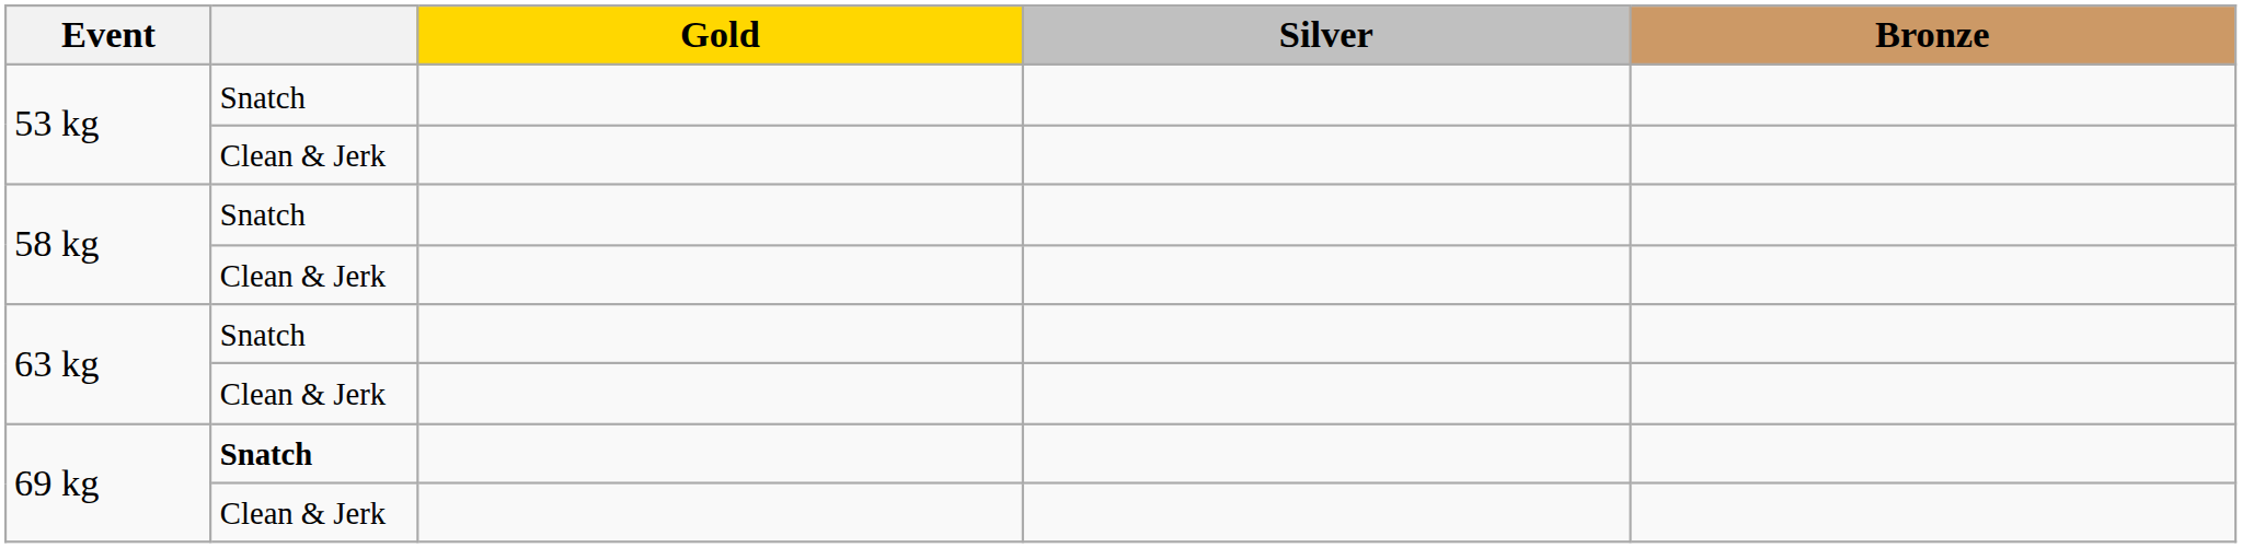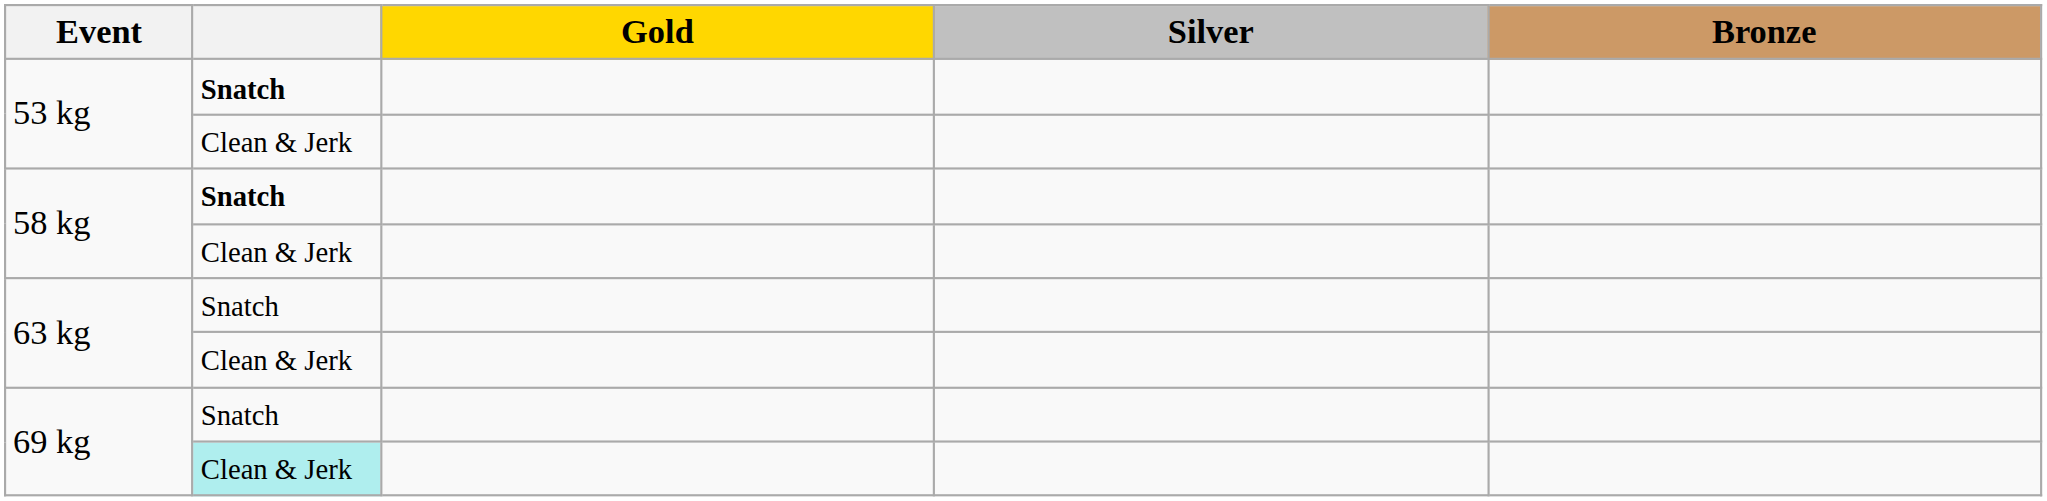 <table class="wikitable">
 <tr>
 <th width=80>Event</th>
 <th width=80></th>
 <td bgcolor=gold align="center" colspan=1 width=250><strong>Gold</strong></td>
 <td bgcolor=silver align="center" colspan=1 width=250><strong>Silver</strong></td>
 <td bgcolor=#cc9966 colspan=1 align="center" width=250><strong>Bronze</strong></td>
 </tr>
 <tr>
 <td rowspan=2>53 kg<br></td>
-<td><small>Snatch</small></td>
+<td><strong><small>Snatch</small></strong></td>
 <td></td>
 <td></td>
 <td></td>
 </tr>
 <tr>
 <td><small>Clean & Jerk</small></td>
 <td></td>
 <td></td>
 <td></td>
 </tr>
 <tr>
 <td rowspan=2>58 kg<br></td>
-<td><small>Snatch</small></td>
+<td><strong><small>Snatch</small></strong></td>
 <td></td>
 <td></td>
 <td></td>
 </tr>
 <tr>
 <td><small>Clean & Jerk</small></td>
 <td></td>
 <td></td>
 <td></td>
 </tr>
 <tr>
 <td rowspan=2>63 kg<br></td>
 <td><small>Snatch</small></td>
 <td></td>
 <td></td>
 <td></td>
 </tr>
 <tr>
 <td><small>Clean & Jerk</small></td>
 <td></td>
 <td></td>
 <td></td>
 </tr>
 <tr>
 <td rowspan=2>69 kg<br></td>
-<td><strong><small>Snatch</small></strong></td>
+<td><small>Snatch</small></td>
 <td></td>
 <td></td>
 <td></td>
 </tr>
 <tr>
-<td><small>Clean & Jerk</small></td>
+<td style="background: paleturquoise;"><small>Clean & Jerk</small></td>
 <td></td>
 <td></td>
 <td></td>
 </tr>
 </table>
